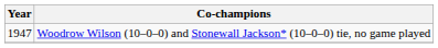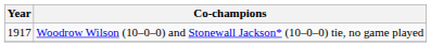 <table class="wikitable">
 <tr>
 <th>Year</th>
 <th>Co-champions</th>
 </tr>
 <tr>
-<td>1947</td>
+<td>1917</td>
 <td><a href='#'>Woodrow Wilson</a> (10–0–0) and <a href='#'>Stonewall Jackson*</a> (10–0–0)  tie,  no game played</td>
 </tr>
 <tr>
 </tr>
 </table>
